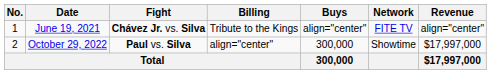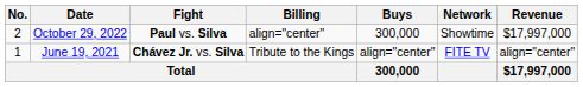 <table class="wikitable sortable">
 <tr>
 <th>No.</th>
 <th>Date</th>
 <th>Fight</th>
 <th>Billing</th>
 <th>Buys</th>
 <th>Network</th>
 <th>Revenue</th>
 </tr>
 <tr>
+<td align="center">2</td>
+<td align="center"><a href='#'>October 29, 2022</a></td>
+<td align="center"><strong>Paul</strong> vs. <strong>Silva</strong></td>
+<td>align="center" </td>
+<td align="center">300,000</td>
+<td align="center">Showtime</td>
+<td align="center">$17,997,000</td>
+</tr>
+<tr>
 <td align="center">1</td>
 <td align="center"><a href='#'>June 19, 2021</a></td>
 <td align="center"><strong>Chávez Jr.</strong> vs. <strong>Silva</strong></td>
 <td align="center">Tribute to the Kings</td>
 <td>align="center" </td>
 <td align="center"><a href='#'>FITE TV</a></td>
 <td>align="center"  </td>
 </tr>
 <tr>
-<td align="center">2</td>
-<td align="center"><a href='#'>October 29, 2022</a></td>
-<td align="center"><strong>Paul</strong> vs. <strong>Silva</strong></td>
-<td>align="center" </td>
-<td align="center">300,000</td>
-<td align="center">Showtime</td>
-<td align="center">$17,997,000</td>
-</tr>
-<tr>
 <th colspan="4">Total</th>
 <th>300,000</th>
 <th></th>
 <th>$17,997,000</th>
 </tr>
 </table>
